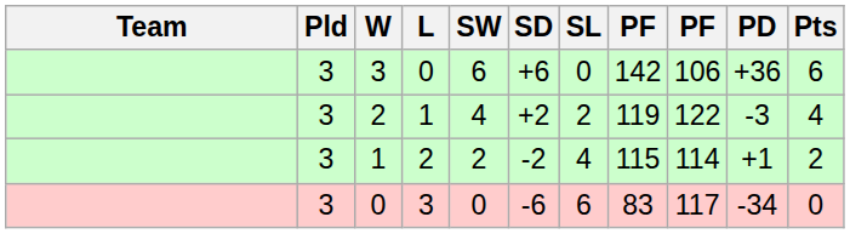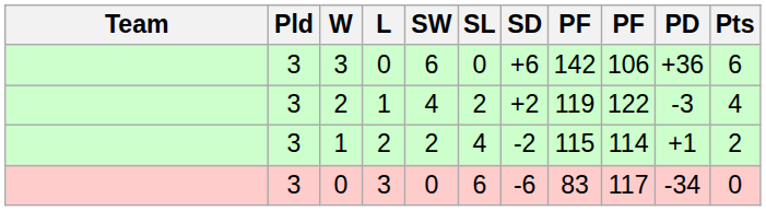 <table class="wikitable" style="text-align:center">
 <tr>
 <th width="160">Team</th>
 <th width="20">Pld</th>
 <th width="20">W</th>
 <th width="20">L</th>
 <th width="20">SW</th>
+<th width="20">SL</th>
 <th width="20">SD</th>
-<th width="20">SL</th>
 <th width="20">PF</th>
 <th width="20">PF</th>
 <th width="20">PD</th>
 <th width="20">Pts</th>
 </tr>
 <tr bgcolor="ccffcc">
 <td align="left"></td>
 <td>3</td>
 <td>3</td>
 <td>0</td>
 <td>6</td>
+<td>0</td>
 <td>+6</td>
-<td>0</td>
 <td>142</td>
 <td>106</td>
 <td>+36</td>
 <td>6</td>
 </tr>
 <tr bgcolor="ccffcc">
 <td align="left"></td>
 <td>3</td>
 <td>2</td>
 <td>1</td>
 <td>4</td>
+<td>2</td>
 <td>+2</td>
-<td>2</td>
 <td>119</td>
 <td>122</td>
 <td>-3</td>
 <td>4</td>
 </tr>
 <tr bgcolor="ccffcc">
 <td align="left"></td>
 <td>3</td>
 <td>1</td>
 <td>2</td>
 <td>2</td>
+<td>4</td>
 <td>-2</td>
-<td>4</td>
 <td>115</td>
 <td>114</td>
 <td>+1</td>
 <td>2</td>
 </tr>
 <tr bgcolor="ffcccc">
 <td align="left"></td>
 <td>3</td>
 <td>0</td>
 <td>3</td>
 <td>0</td>
+<td>6</td>
 <td>-6</td>
-<td>6</td>
 <td>83</td>
 <td>117</td>
 <td>-34</td>
 <td>0</td>
 </tr>
 </table>
